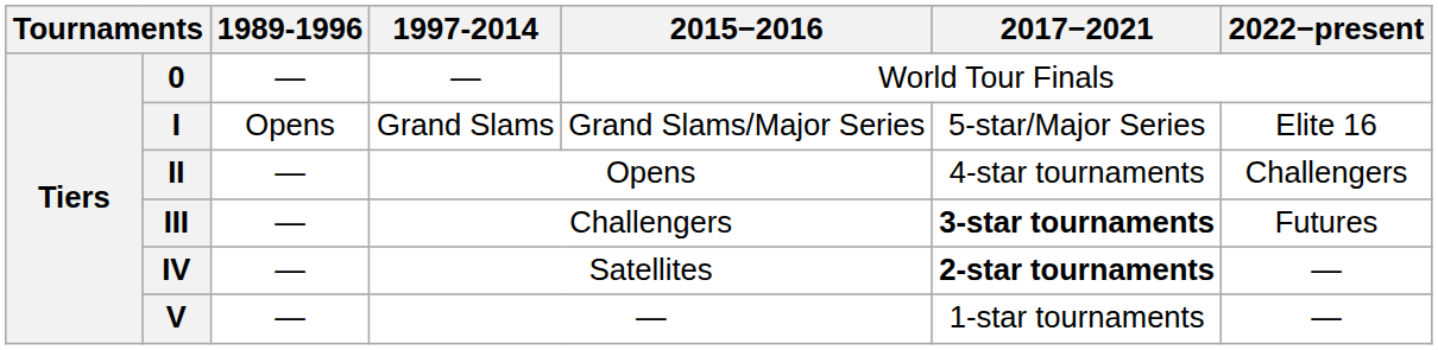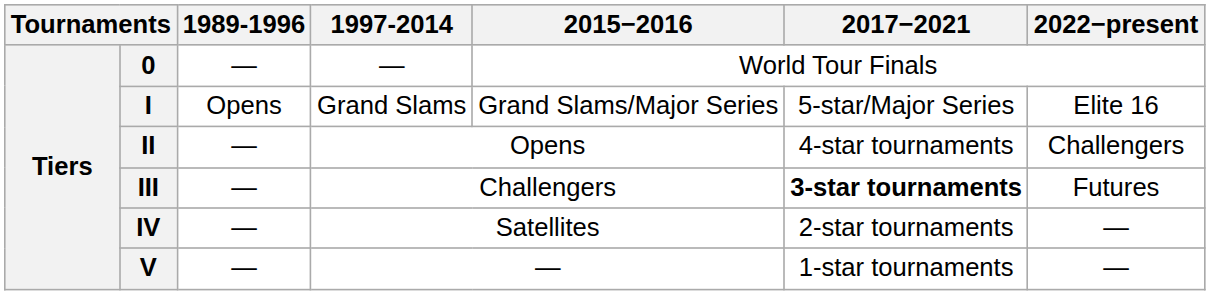 <table class=wikitable>
 <tr bgcolor="#EFEFEF">
 <th colspan=2>Tournaments</th>
 <th>1989-1996</th>
 <th>1997-2014</th>
 <th>2015−2016</th>
 <th>2017−2021</th>
 <th>2022−present</th>
 </tr>
 <tr align="center" bgcolor="#FFFFFF">
 <th rowspan=6>Tiers</th>
 <th>0</th>
 <td>—</td>
 <td>—</td>
 <td colspan=3>World Tour Finals</td>
 </tr>
 <tr align="center" bgcolor="#FFFFFF">
 <th>I</th>
 <td>Opens</td>
 <td>Grand Slams</td>
 <td>Grand Slams/Major Series</td>
 <td>5-star/Major Series</td>
 <td>Elite 16</td>
 </tr>
 <tr align="center" bgcolor="#FFFFFF">
 <th>II</th>
 <td>—</td>
 <td colspan="2">Opens</td>
 <td>4-star tournaments</td>
 <td>Challengers</td>
 </tr>
 <tr align="center" bgcolor="#FFFFFF">
 <th>III</th>
 <td>—</td>
 <td colspan="2">Challengers</td>
 <td><strong>3-star tournaments</strong></td>
 <td>Futures</td>
 </tr>
 <tr align="center" bgcolor="#FFFFFF">
 <th>IV</th>
 <td>—</td>
 <td colspan="2">Satellites</td>
-<td><strong>2-star tournaments</strong></td>
+<td>2-star tournaments</td>
 <td>—</td>
 </tr>
 <tr align="center" bgcolor="#FFFFFF">
 <th>V</th>
 <td>—</td>
 <td colspan="2">—</td>
 <td>1-star tournaments</td>
 <td>—</td>
 </tr>
 </table>
